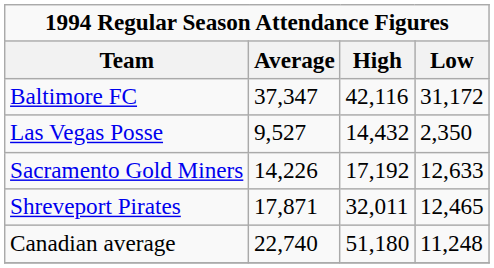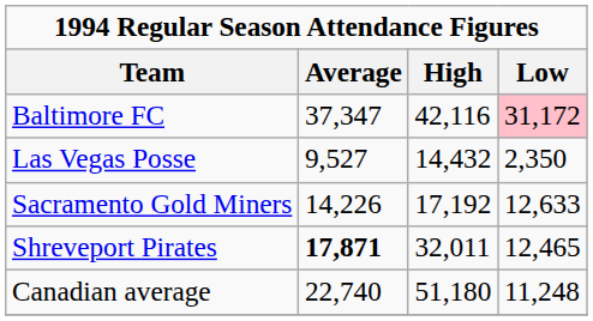 <table class="wikitable floatleft" clear:right; text-align:left; line-height:normal;">
 <tr>
 <td style="text-align:center;" colspan="4"><strong>1994 Regular Season Attendance Figures</strong></td>
 </tr>
 <tr>
 <th>Team</th>
 <th>Average</th>
 <th>High</th>
 <th>Low</th>
 </tr>
 <tr>
 <td><a href='#'>Baltimore FC</a></td>
 <td>37,347</td>
 <td>42,116</td>
-<td>31,172</td>
+<td style="background: pink;">31,172</td>
 </tr>
 <tr>
 <td><a href='#'>Las Vegas Posse</a></td>
 <td>9,527</td>
 <td>14,432</td>
 <td>2,350</td>
 </tr>
 <tr>
 <td><a href='#'>Sacramento Gold Miners</a></td>
 <td>14,226</td>
 <td>17,192</td>
 <td>12,633</td>
 </tr>
 <tr>
 <td><a href='#'>Shreveport Pirates</a></td>
-<td>17,871</td>
+<td><strong>17,871</strong></td>
 <td>32,011</td>
 <td>12,465</td>
 </tr>
 <tr>
 <td>Canadian average</td>
 <td>22,740</td>
 <td>51,180</td>
 <td>11,248</td>
 </tr>
 <tr>
 </tr>
 </table>
